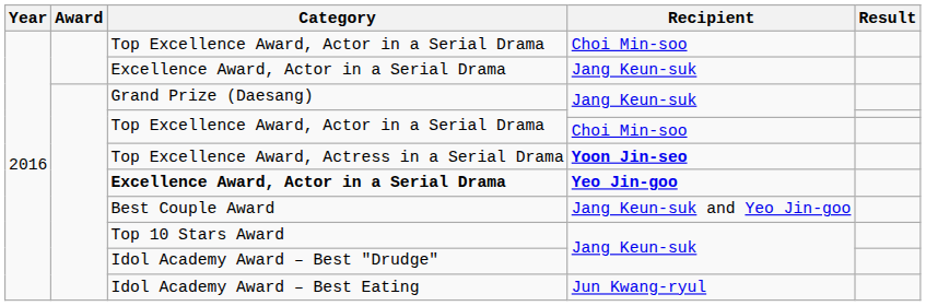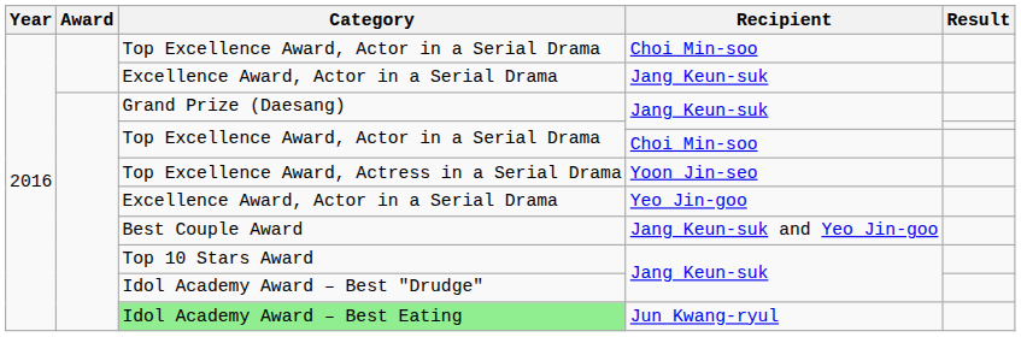 <table class="wikitable">
 <tr>
 <th>Year</th>
 <th>Award</th>
 <th>Category</th>
 <th>Recipient</th>
 <th>Result</th>
 </tr>
 <tr>
 <td rowspan=11>2016</td>
 <td rowspan=2></td>
 <td>Top Excellence Award, Actor in a Serial Drama</td>
 <td><a href='#'>Choi Min-soo</a></td>
 <td></td>
 </tr>
 <tr>
 <td>Excellence Award, Actor in a Serial Drama</td>
 <td><a href='#'>Jang Keun-suk</a></td>
 <td></td>
 </tr>
 <tr>
 <td rowspan=9></td>
 <td>Grand Prize (Daesang)</td>
 <td rowspan=2><a href='#'>Jang Keun-suk</a></td>
 <td></td>
 </tr>
 <tr>
 <td rowspan=2>Top Excellence Award, Actor in a Serial Drama</td>
 <td></td>
 </tr>
 <tr>
 <td><a href='#'>Choi Min-soo</a></td>
 <td></td>
 </tr>
 <tr>
 <td>Top Excellence Award, Actress in a Serial Drama</td>
-<td><strong><a href='#'>Yoon Jin-seo</a></strong></td>
+<td><a href='#'>Yoon Jin-seo</a></td>
 <td></td>
 </tr>
 <tr>
-<td><strong>Excellence Award, Actor in a Serial Drama</strong></td>
-<td><strong><a href='#'>Yeo Jin-goo</a></strong></td>
+<td>Excellence Award, Actor in a Serial Drama</td>
+<td><a href='#'>Yeo Jin-goo</a></td>
 <td></td>
 </tr>
 <tr>
 <td>Best Couple Award</td>
 <td><a href='#'>Jang Keun-suk</a> and <a href='#'>Yeo Jin-goo</a></td>
 <td></td>
 </tr>
 <tr>
 <td>Top 10 Stars Award</td>
 <td rowspan=2><a href='#'>Jang Keun-suk</a></td>
 <td></td>
 </tr>
 <tr>
 <td>Idol Academy Award – Best "Drudge"</td>
 <td></td>
 </tr>
 <tr>
-<td>Idol Academy Award – Best Eating</td>
+<td style="background: lightgreen;">Idol Academy Award – Best Eating</td>
 <td><a href='#'>Jun Kwang-ryul</a></td>
 <td></td>
 </tr>
 </table>
